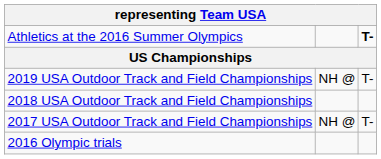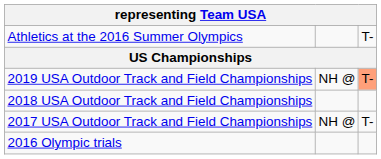 <table class="wikitable sortable">
 <tr>
 <th colspan="7">representing <a href='#'>Team USA</a></th>
 </tr>
 <tr>
 <td><a href='#'>Athletics at the 2016 Summer Olympics</a></td>
 <td></td>
-<td><strong>T-</strong></td>
+<td>T-</td>
 </tr>
 <tr>
 <th colspan="7">US Championships</th>
 </tr>
 <tr>
 <td><a href='#'>2019 USA Outdoor Track and Field Championships</a></td>
 <td>NH @ </td>
-<td>T-</td>
+<td style="background: lightsalmon;">T-</td>
 </tr>
 <tr>
 <td><a href='#'>2018 USA Outdoor Track and Field Championships</a></td>
 <td></td>
 <td></td>
 </tr>
 <tr>
 <td><a href='#'>2017 USA Outdoor Track and Field Championships</a></td>
 <td>NH @ </td>
 <td>T-</td>
 </tr>
 <tr>
 <td><a href='#'>2016 Olympic trials</a></td>
 <td></td>
 <td> </td>
 </tr>
 </table>
